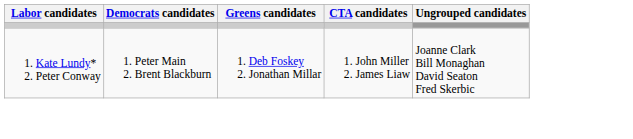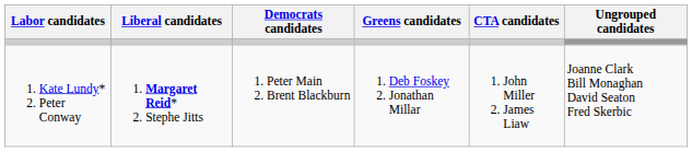 <table class="wikitable">
 <tr>
 <th><a href='#'>Labor</a> candidates</th>
+<th><a href='#'>Liberal</a> candidates</th>
 <th><a href='#'>Democrats</a> candidates</th>
 <th><a href='#'>Greens</a> candidates</th>
 <th><a href='#'>CTA</a> candidates</th>
 <th>Ungrouped candidates</th>
 </tr>
 <tr bgcolor="#cccccc">
 <td></td>
 <td></td>
 <td></td>
 <td></td>
+<td></td>
 <td bgcolor="#999999"></td>
 </tr>
 <tr>
 <td><br><ol><li><a href='#'>Kate Lundy</a>*</li><li>Peter Conway</li></ol></td>
+<td><br><ol><li><strong><a href='#'>Margaret Reid</a></strong>*</li><li>Stephe Jitts</li></ol></td>
 <td valign=top><br><ol><li>Peter Main</li><li>Brent Blackburn</li></ol></td>
 <td valign=top><br><ol><li><a href='#'>Deb Foskey</a></li><li>Jonathan Millar</li></ol></td>
 <td valign=top><br><ol><li>John Miller</li><li>James Liaw</li></ol></td>
 <td valign=top><br>Joanne Clark<br> Bill Monaghan<br> David Seaton<br> Fred Skerbic</td>
 </tr>
 </table>
